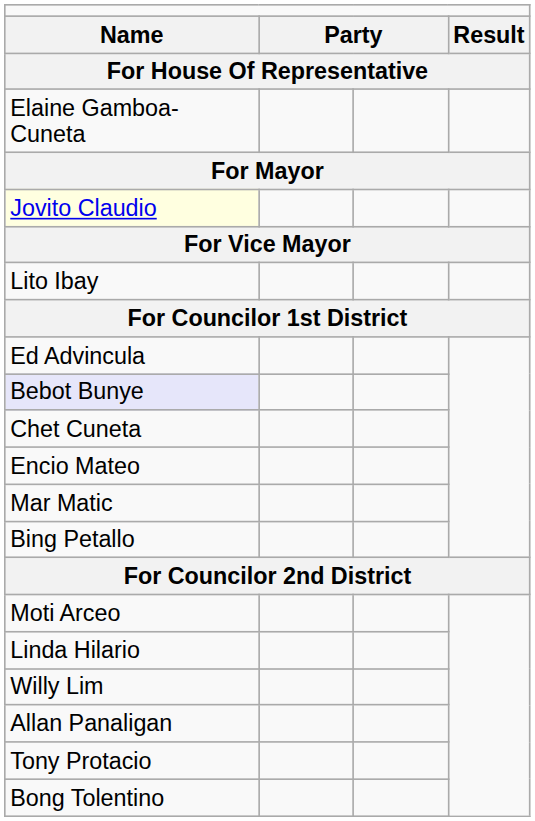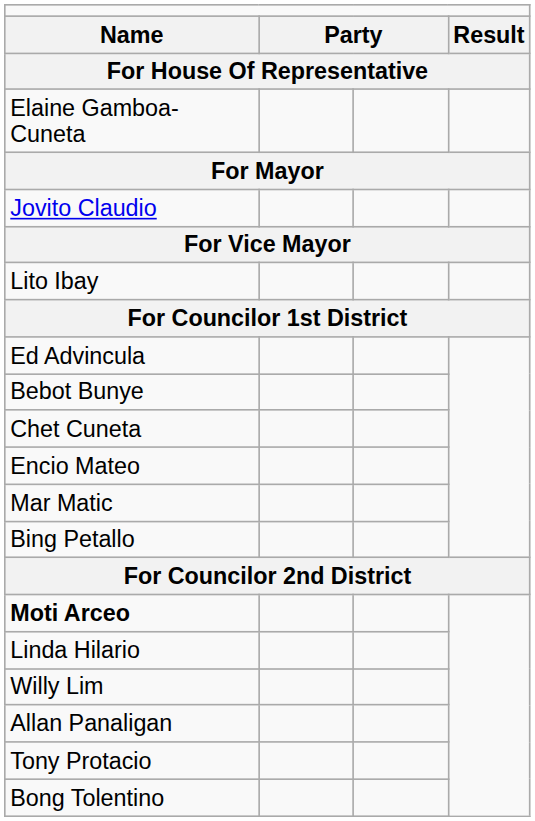 <table class="wikitable" style="font-size:90%">
 <tr>
 <td colspan="4"></td>
 </tr>
 <tr>
 <th width="150px">Name</th>
 <th colspan="2" width="110px">Party</th>
 <th>Result</th>
 </tr>
 <tr>
 <th colspan="4">For House Of Representative</th>
 </tr>
 <tr>
 <td>Elaine Gamboa-Cuneta</td>
 <td></td>
 <td></td>
 </tr>
 <tr>
 <th colspan="4">For Mayor</th>
 </tr>
 <tr>
-<td style="background: lightyellow;"><a href='#'>Jovito Claudio</a></td>
+<td><a href='#'>Jovito Claudio</a></td>
 <td></td>
 <td></td>
 </tr>
 <tr>
 <th colspan="4">For Vice Mayor</th>
 </tr>
 <tr>
 <td>Lito Ibay</td>
 <td></td>
 <td></td>
 </tr>
 <tr>
 <th colspan="4">For Councilor 1st District</th>
 </tr>
 <tr>
 <td>Ed Advincula</td>
 <td></td>
 <td></td>
 </tr>
 <tr>
-<td style="background: lavender;">Bebot Bunye</td>
+<td>Bebot Bunye</td>
 <td></td>
 <td></td>
 </tr>
 <tr>
 <td>Chet Cuneta</td>
 <td></td>
 <td></td>
 </tr>
 <tr>
 <td>Encio Mateo</td>
 <td></td>
 <td></td>
 </tr>
 <tr>
 <td>Mar Matic</td>
 <td></td>
 <td></td>
 </tr>
 <tr>
 <td>Bing Petallo</td>
 <td></td>
 <td></td>
 </tr>
 <tr>
 <th colspan="4">For Councilor 2nd District</th>
 </tr>
 <tr>
-<td>Moti Arceo</td>
+<td><strong>Moti Arceo</strong></td>
 <td></td>
 <td></td>
 </tr>
 <tr>
 <td>Linda Hilario</td>
 <td></td>
 <td></td>
 </tr>
 <tr>
 <td>Willy Lim</td>
 <td></td>
 <td></td>
 </tr>
 <tr>
 <td>Allan Panaligan</td>
 <td></td>
 <td></td>
 </tr>
 <tr>
 <td>Tony Protacio</td>
 <td></td>
 <td></td>
 </tr>
 <tr>
 <td>Bong Tolentino</td>
 <td></td>
 <td></td>
 </tr>
 <tr>
 </tr>
 </table>
